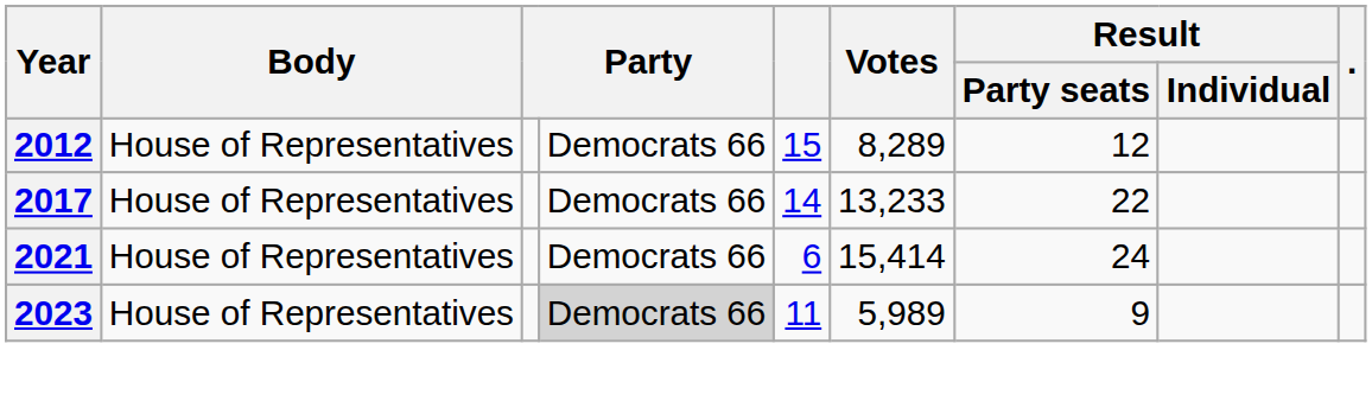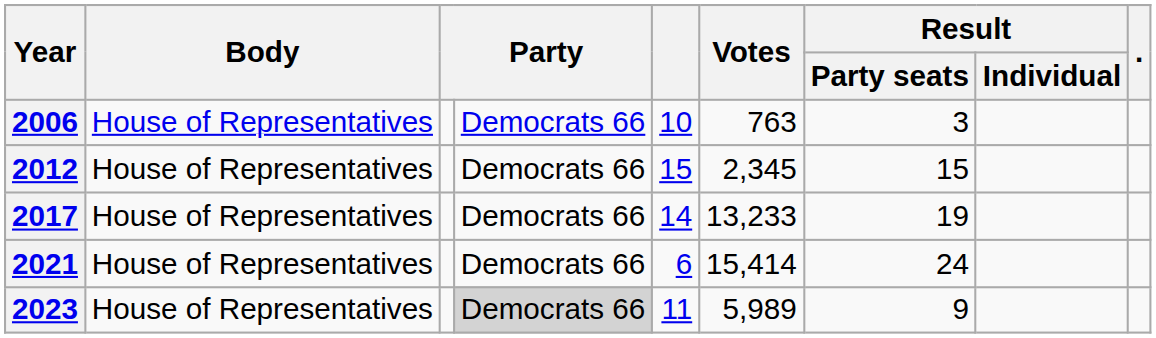 <table class="wikitable plainrowheaders sortable" border=2 cellpadding=4 cellspacing=0 style="border: 1px #aaa solid; font-size: 90%; text-align:center;">
 <tr>
 <th scope="col" rowspan=2>Year</th>
 <th scope="col" rowspan=2>Body</th>
 <th scope="col" colspan=2 rowspan=2>Party</th>
 <th scope="col" rowspan=2></th>
 <th scope="col" rowspan=2>Votes</th>
 <th scope="colgroup" colspan=2>Result</th>
 <th scope="col" rowspan=2 class="unsortable">.</th>
 </tr>
 <tr>
 <th scope="col">Party seats</th>
 <th scope="col">Individual</th>
 </tr>
 <tr>
+<th scope="row"><a href='#'>2006</a></th>
+<td><a href='#'>House of Representatives</a></td>
+<td style="background-color:"></td>
+<td><a href='#'>Democrats 66</a></td>
+<td style=text-align:right><a href='#'>10</a></td>
+<td style=text-align:right>763</td>
+<td style=text-align:right>3</td>
+<td></td>
+<td></td>
+</tr>
+<tr>
 <th scope="row"><a href='#'>2012</a></th>
 <td>House of Representatives</td>
 <td style="background-color:"></td>
 <td>Democrats 66</td>
 <td style=text-align:right><a href='#'>15</a></td>
-<td style=text-align:right>8,289</td>
-<td style=text-align:right>12</td>
+<td style=text-align:right>2,345</td>
+<td style=text-align:right>15</td>
 <td></td>
 <td></td>
 </tr>
 <tr>
 <th scope="row"><a href='#'>2017</a></th>
 <td>House of Representatives</td>
 <td style="background-color:"></td>
 <td>Democrats 66</td>
 <td style=text-align:right><a href='#'>14</a></td>
 <td style=text-align:right>13,233</td>
-<td style=text-align:right>22</td>
+<td style=text-align:right>19</td>
 <td></td>
 <td></td>
 </tr>
 <tr>
 <th scope="row"><a href='#'>2021</a></th>
 <td>House of Representatives</td>
 <td style="background-color:"></td>
 <td>Democrats 66</td>
 <td style=text-align:right><a href='#'>6</a></td>
 <td style=text-align:right>15,414</td>
 <td style=text-align:right>24</td>
 <td></td>
 <td></td>
 </tr>
 <tr>
 <th scope="row"><a href='#'>2023</a></th>
 <td>House of Representatives</td>
 <td style="background-color:"></td>
 <td style="background: lightgrey;">Democrats 66</td>
 <td style=text-align:right><a href='#'>11</a></td>
 <td style=text-align:right>5,989</td>
 <td style=text-align:right>9</td>
 <td></td>
 <td></td>
 </tr>
 </table>
